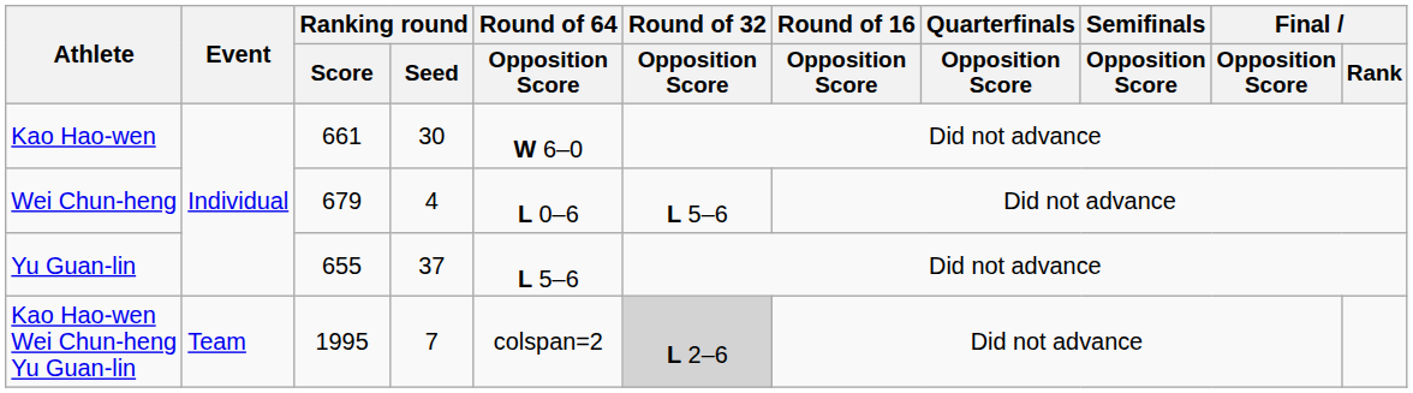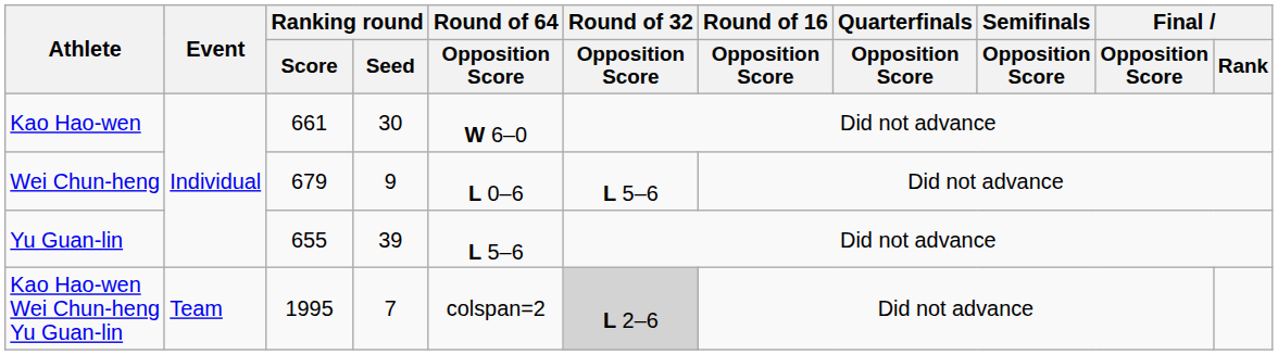 <table class="wikitable" style="font-size:90%">
 <tr>
 <th rowspan=2>Athlete</th>
 <th rowspan=2>Event</th>
 <th colspan="2">Ranking round</th>
 <th>Round of 64</th>
 <th>Round of 32</th>
 <th>Round of 16</th>
 <th>Quarterfinals</th>
 <th>Semifinals</th>
 <th colspan="2">Final / </th>
 </tr>
 <tr style="font-size:95%">
 <th>Score</th>
 <th>Seed</th>
 <th>Opposition<br>Score</th>
 <th>Opposition<br>Score</th>
 <th>Opposition<br>Score</th>
 <th>Opposition<br>Score</th>
 <th>Opposition<br>Score</th>
 <th>Opposition<br>Score</th>
 <th>Rank</th>
 </tr>
 <tr align=center>
 <td align=left><a href='#'>Kao Hao-wen</a></td>
 <td align=left rowspan=3><a href='#'>Individual</a></td>
 <td>661</td>
 <td>30</td>
 <td><br><strong>W</strong> 6–0</td>
 <td colspan="6">Did not advance</td>
 </tr>
 <tr align=center>
 <td align=left><a href='#'>Wei Chun-heng</a></td>
 <td>679</td>
-<td>4</td>
+<td>9</td>
 <td><br><strong>L</strong> 0–6</td>
 <td><br><strong>L</strong> 5–6</td>
 <td colspan=5>Did not advance</td>
 </tr>
 <tr align=center>
 <td align=left><a href='#'>Yu Guan-lin</a></td>
 <td>655</td>
-<td>37</td>
+<td>39</td>
 <td><br><strong>L</strong> 5–6</td>
 <td colspan="6">Did not advance</td>
 </tr>
 <tr align=center>
 <td align=left><a href='#'>Kao Hao-wen</a><br><a href='#'>Wei Chun-heng</a><br><a href='#'>Yu Guan-lin</a></td>
 <td align=left><a href='#'>Team</a></td>
 <td>1995</td>
 <td>7</td>
 <td>colspan=2 </td>
 <td style="background: lightgrey;"><br><strong>L</strong> 2–6</td>
 <td colspan=4>Did not advance</td>
 </tr>
 </table>
